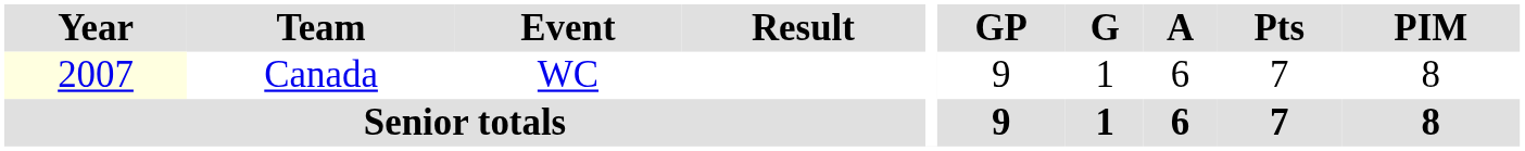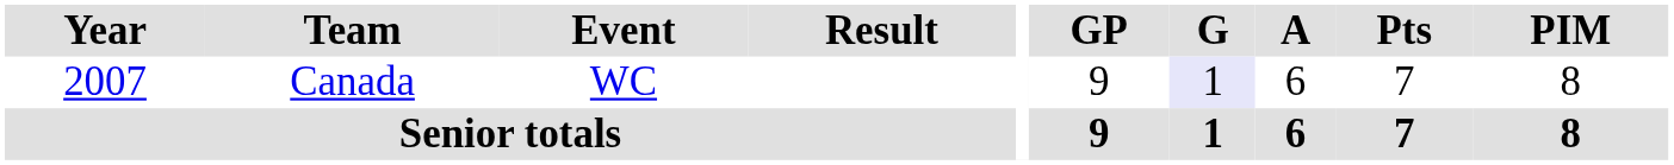 <table border="0" cellpadding="1" cellspacing="0" ID="Table3" style="text-align:center; width:40em">
 <tr ALIGN="center" bgcolor="#e0e0e0">
 <th>Year</th>
 <th>Team</th>
 <th>Event</th>
 <th>Result</th>
 <th rowspan="99" bgcolor="#ffffff"></th>
 <th>GP</th>
 <th>G</th>
 <th>A</th>
 <th>Pts</th>
 <th>PIM</th>
 </tr>
 <tr>
-<td style="background: lightyellow;"><a href='#'>2007</a></td>
+<td><a href='#'>2007</a></td>
 <td><a href='#'>Canada</a></td>
 <td><a href='#'>WC</a></td>
 <td></td>
 <td>9</td>
-<td>1</td>
+<td style="background: lavender;">1</td>
 <td>6</td>
 <td>7</td>
 <td>8</td>
 </tr>
 <tr bgcolor="#e0e0e0">
 <th colspan="4">Senior totals</th>
 <th>9</th>
 <th>1</th>
 <th>6</th>
 <th>7</th>
 <th>8</th>
 </tr>
 </table>
